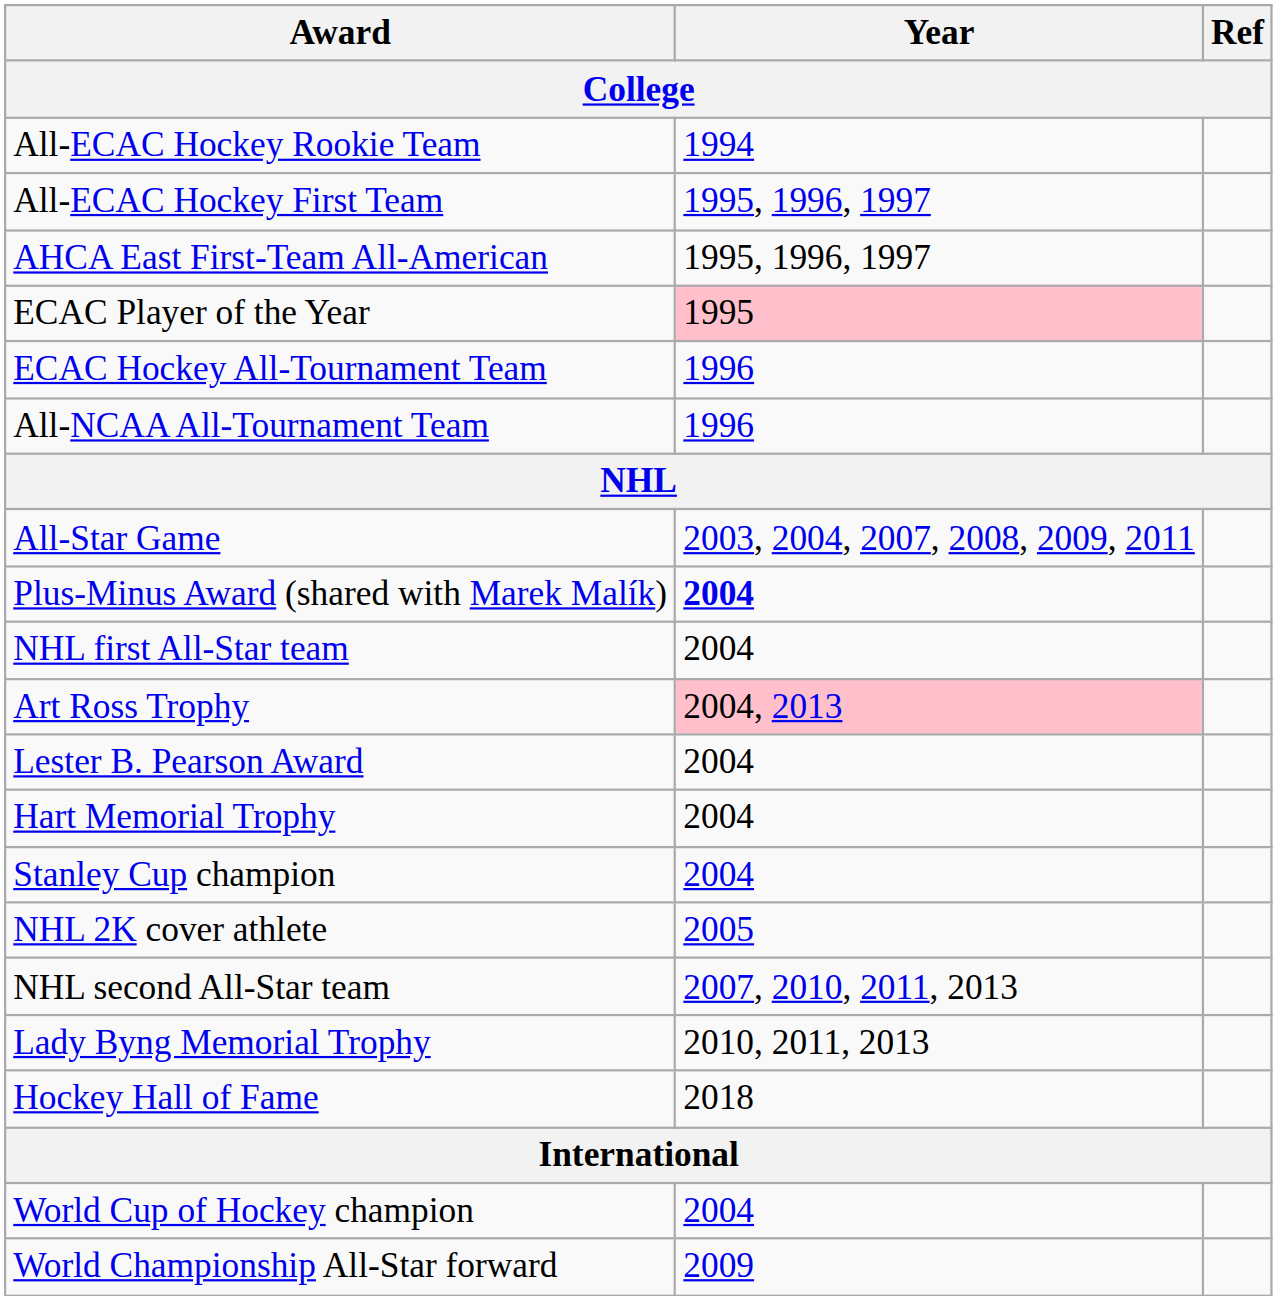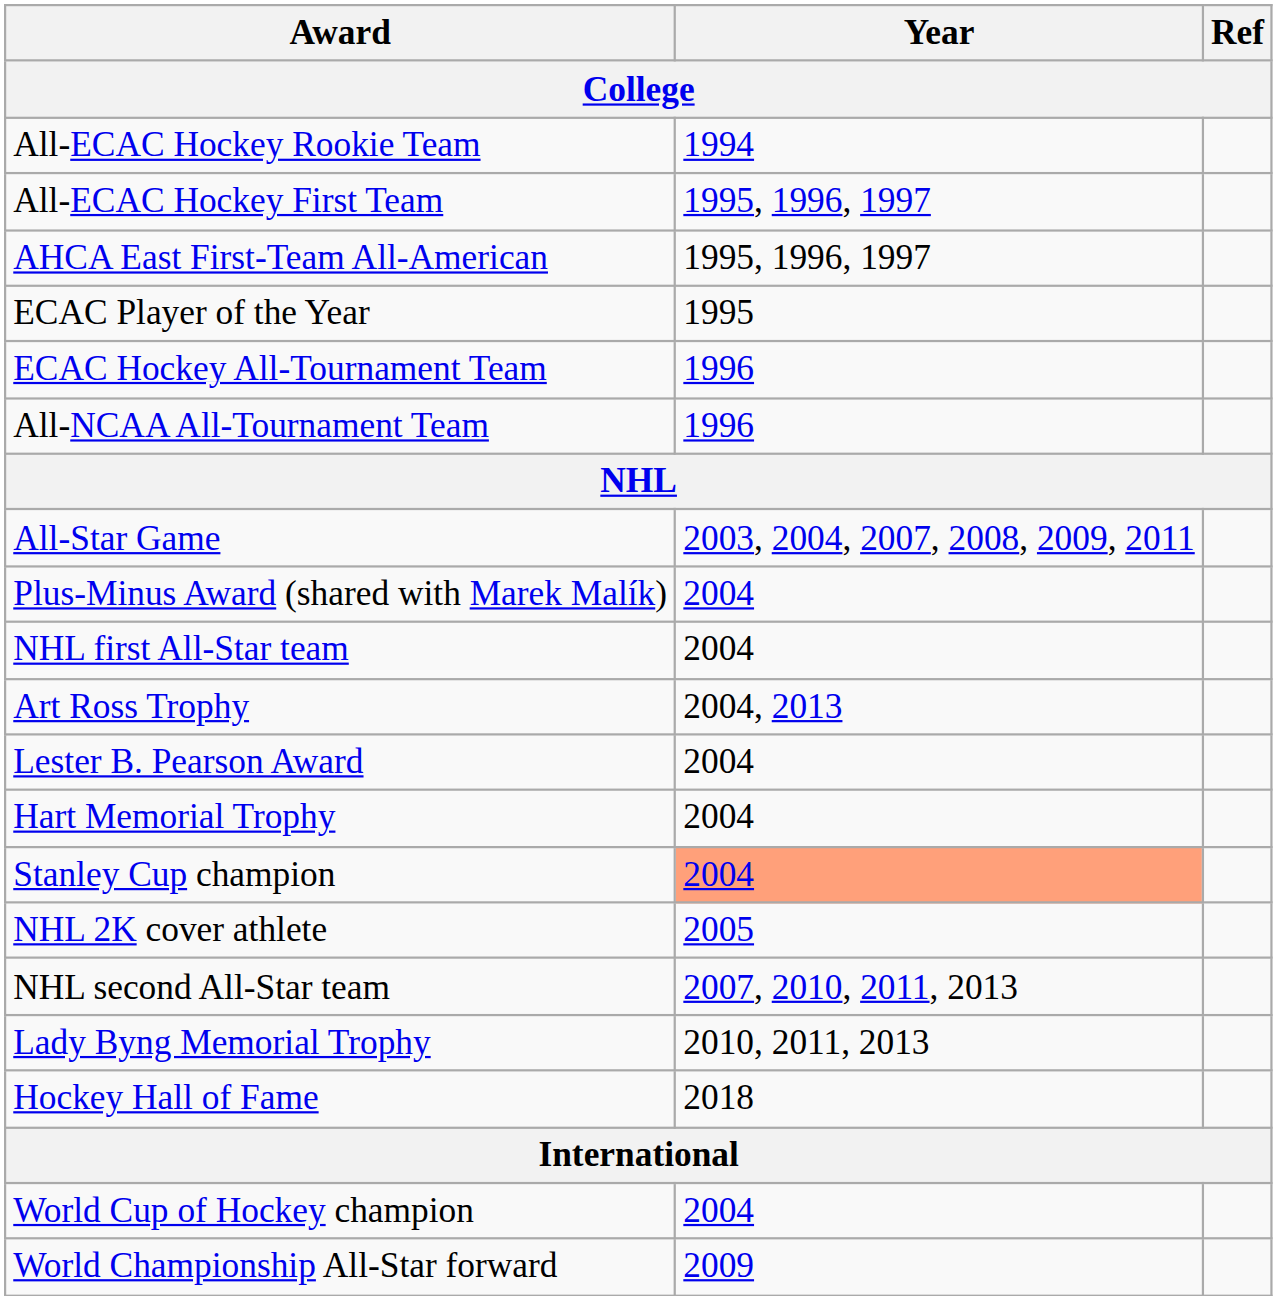 <table class="wikitable">
 <tr>
 <th>Award</th>
 <th>Year</th>
 <th>Ref</th>
 </tr>
 <tr>
 <th colspan="3"><a href='#'>College</a></th>
 </tr>
 <tr>
 <td>All-<a href='#'>ECAC Hockey Rookie Team</a></td>
 <td><a href='#'>1994</a></td>
 <td></td>
 </tr>
 <tr>
 <td>All-<a href='#'>ECAC Hockey First Team</a></td>
 <td><a href='#'>1995</a>, <a href='#'>1996</a>, <a href='#'>1997</a></td>
 <td></td>
 </tr>
 <tr>
 <td><a href='#'>AHCA East First-Team All-American</a></td>
 <td>1995, 1996, 1997</td>
 <td></td>
 </tr>
 <tr>
 <td>ECAC Player of the Year</td>
-<td style="background: pink;">1995</td>
+<td>1995</td>
 <td></td>
 </tr>
 <tr>
 <td><a href='#'>ECAC Hockey All-Tournament Team</a></td>
 <td><a href='#'>1996</a></td>
 <td></td>
 </tr>
 <tr>
 <td>All-<a href='#'>NCAA All-Tournament Team</a></td>
 <td><a href='#'>1996</a></td>
 <td></td>
 </tr>
 <tr>
 <th colspan="3"><a href='#'>NHL</a></th>
 </tr>
 <tr>
 <td><a href='#'>All-Star Game</a></td>
 <td><a href='#'>2003</a>, <a href='#'>2004</a>, <a href='#'>2007</a>, <a href='#'>2008</a>, <a href='#'>2009</a>, <a href='#'>2011</a></td>
 <td></td>
 </tr>
 <tr>
 <td><a href='#'>Plus-Minus Award</a> (shared with <a href='#'>Marek Malík</a>)</td>
-<td><strong><a href='#'>2004</a></strong></td>
+<td><a href='#'>2004</a></td>
 <td></td>
 </tr>
 <tr>
 <td><a href='#'>NHL first All-Star team</a></td>
 <td>2004</td>
 <td></td>
 </tr>
 <tr>
 <td><a href='#'>Art Ross Trophy</a></td>
-<td style="background: pink;">2004, <a href='#'>2013</a></td>
+<td>2004, <a href='#'>2013</a></td>
 <td></td>
 </tr>
 <tr>
 <td><a href='#'>Lester B. Pearson Award</a></td>
 <td>2004</td>
 <td></td>
 </tr>
 <tr>
 <td><a href='#'>Hart Memorial Trophy</a></td>
 <td>2004</td>
 <td></td>
 </tr>
 <tr>
 <td><a href='#'>Stanley Cup</a> champion</td>
-<td><a href='#'>2004</a></td>
+<td style="background: lightsalmon;"><a href='#'>2004</a></td>
 <td></td>
 </tr>
 <tr>
 <td><a href='#'>NHL 2K</a> cover athlete</td>
 <td><a href='#'>2005</a></td>
 <td></td>
 </tr>
 <tr>
 <td>NHL second All-Star team</td>
 <td><a href='#'>2007</a>, <a href='#'>2010</a>, <a href='#'>2011</a>, 2013</td>
 <td></td>
 </tr>
 <tr>
 <td><a href='#'>Lady Byng Memorial Trophy</a></td>
 <td>2010, 2011, 2013</td>
 <td></td>
 </tr>
 <tr>
 <td><a href='#'>Hockey Hall of Fame</a></td>
 <td>2018</td>
 <td></td>
 </tr>
 <tr>
 <th colspan="3">International</th>
 </tr>
 <tr>
 <td><a href='#'>World Cup of Hockey</a> champion</td>
 <td><a href='#'>2004</a></td>
 <td></td>
 </tr>
 <tr>
 <td><a href='#'>World Championship</a> All-Star forward</td>
 <td><a href='#'>2009</a></td>
 <td></td>
 </tr>
 </table>
